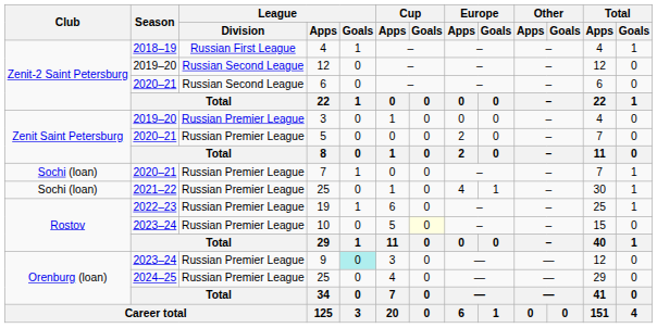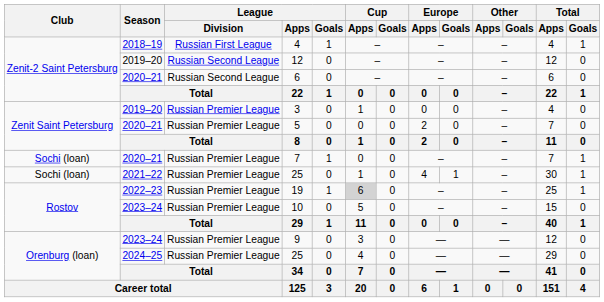 <table class="wikitable" style="text-align: center;">
 <tr>
 <th rowspan="2">Club</th>
 <th rowspan="2">Season</th>
 <th colspan="3">League</th>
 <th colspan="2">Cup</th>
 <th colspan="2">Europe</th>
 <th colspan="2">Other</th>
 <th colspan="2">Total</th>
 </tr>
 <tr>
 <th>Division</th>
 <th>Apps</th>
 <th>Goals</th>
 <th>Apps</th>
 <th>Goals</th>
 <th>Apps</th>
 <th>Goals</th>
 <th>Apps</th>
 <th>Goals</th>
 <th>Apps</th>
 <th>Goals</th>
 </tr>
 <tr>
 <td rowspan="4"><a href='#'>Zenit-2 Saint Petersburg</a></td>
 <td><a href='#'>2018–19</a></td>
 <td><a href='#'>Russian First League</a></td>
 <td>4</td>
 <td>1</td>
 <td colspan=2>–</td>
 <td colspan=2>–</td>
 <td colspan=2>–</td>
 <td>4</td>
 <td>1</td>
 </tr>
 <tr>
 <td>2019–20</td>
 <td><a href='#'>Russian Second League</a></td>
 <td>12</td>
 <td>0</td>
 <td colspan=2>–</td>
 <td colspan=2>–</td>
 <td colspan=2>–</td>
 <td>12</td>
 <td>0</td>
 </tr>
 <tr>
 <td><a href='#'>2020–21</a></td>
 <td>Russian Second League</td>
 <td>6</td>
 <td>0</td>
 <td colspan=2>–</td>
 <td colspan=2>–</td>
 <td colspan=2>–</td>
 <td>6</td>
 <td>0</td>
 </tr>
 <tr>
 <th colspan=2>Total</th>
 <th>22</th>
 <th>1</th>
 <th>0</th>
 <th>0</th>
 <th>0</th>
 <th>0</th>
 <th colspan=2>–</th>
 <th>22</th>
 <th>1</th>
 </tr>
 <tr>
 <td rowspan="3"><a href='#'>Zenit Saint Petersburg</a></td>
 <td><a href='#'>2019–20</a></td>
 <td><a href='#'>Russian Premier League</a></td>
 <td>3</td>
 <td>0</td>
 <td>1</td>
 <td>0</td>
 <td>0</td>
 <td>0</td>
 <td colspan=2>–</td>
 <td>4</td>
 <td>0</td>
 </tr>
 <tr>
 <td><a href='#'>2020–21</a></td>
 <td>Russian Premier League</td>
 <td>5</td>
 <td>0</td>
 <td>0</td>
 <td>0</td>
 <td>2</td>
 <td>0</td>
 <td colspan=2>–</td>
 <td>7</td>
 <td>0</td>
 </tr>
 <tr>
 <th colspan=2>Total</th>
 <th>8</th>
 <th>0</th>
 <th>1</th>
 <th>0</th>
 <th>2</th>
 <th>0</th>
 <th colspan=2>–</th>
 <th>11</th>
 <th>0</th>
 </tr>
 <tr>
 <td><a href='#'>Sochi</a> (loan)</td>
 <td><a href='#'>2020–21</a></td>
 <td>Russian Premier League</td>
 <td>7</td>
 <td>1</td>
 <td>0</td>
 <td>0</td>
 <td colspan=2>–</td>
 <td colspan=2>–</td>
 <td>7</td>
 <td>1</td>
 </tr>
 <tr>
 <td>Sochi (loan)</td>
 <td><a href='#'>2021–22</a></td>
 <td>Russian Premier League</td>
 <td>25</td>
 <td>0</td>
 <td>1</td>
 <td>0</td>
 <td>4</td>
 <td>1</td>
 <td colspan=2>–</td>
 <td>30</td>
 <td>1</td>
 </tr>
 <tr>
 <td rowspan="3"><a href='#'>Rostov</a></td>
 <td><a href='#'>2022–23</a></td>
 <td>Russian Premier League</td>
 <td>19</td>
 <td>1</td>
-<td>6</td>
+<td style="background: lightgrey;">6</td>
 <td>0</td>
 <td colspan=2>–</td>
 <td colspan=2>–</td>
 <td>25</td>
 <td>1</td>
 </tr>
 <tr>
 <td><a href='#'>2023–24</a></td>
 <td>Russian Premier League</td>
 <td>10</td>
 <td>0</td>
 <td>5</td>
-<td style="background: lightyellow;">0</td>
+<td>0</td>
 <td colspan=2>–</td>
 <td colspan=2>–</td>
 <td>15</td>
 <td>0</td>
 </tr>
 <tr>
 <th colspan=2>Total</th>
 <th>29</th>
 <th>1</th>
 <th>11</th>
 <th>0</th>
 <th>0</th>
 <th>0</th>
 <th colspan=2>–</th>
 <th>40</th>
 <th>1</th>
 </tr>
 <tr>
 <td rowspan="3"><a href='#'>Orenburg</a> (loan)</td>
 <td><a href='#'>2023–24</a></td>
 <td>Russian Premier League</td>
 <td>9</td>
-<td style="background: paleturquoise;">0</td>
+<td>0</td>
 <td>3</td>
 <td>0</td>
 <td colspan="2">—</td>
 <td colspan="2">—</td>
 <td>12</td>
 <td>0</td>
 </tr>
 <tr>
 <td><a href='#'>2024–25</a></td>
 <td>Russian Premier League</td>
 <td>25</td>
 <td>0</td>
 <td>4</td>
 <td>0</td>
 <td colspan="2">—</td>
 <td colspan="2">—</td>
 <td>29</td>
 <td>0</td>
 </tr>
 <tr>
 <th colspan="2">Total</th>
 <th>34</th>
 <th>0</th>
 <th>7</th>
 <th>0</th>
 <th colspan="2">—</th>
 <th colspan="2">—</th>
 <th>41</th>
 <th>0</th>
 </tr>
 <tr>
 <th colspan="3">Career total</th>
 <th>125</th>
 <th>3</th>
 <th>20</th>
 <th>0</th>
 <th>6</th>
 <th>1</th>
 <th>0</th>
 <th>0</th>
 <th>151</th>
 <th>4</th>
 </tr>
 </table>
